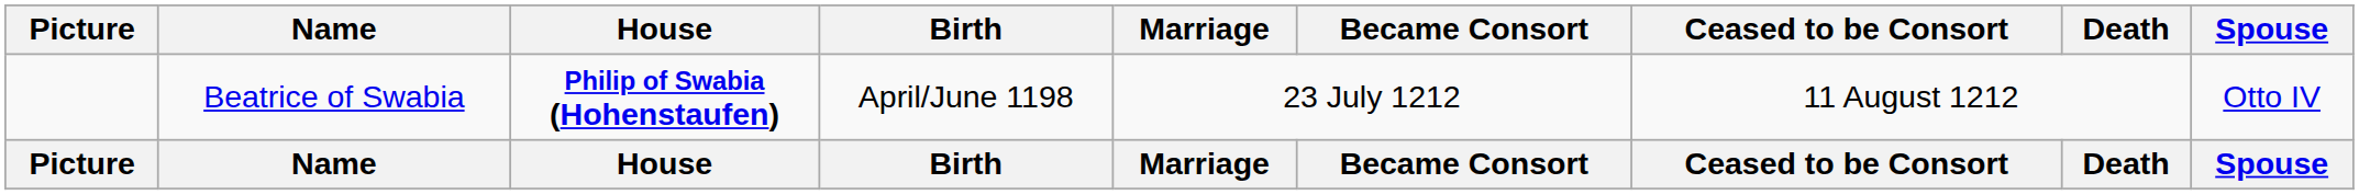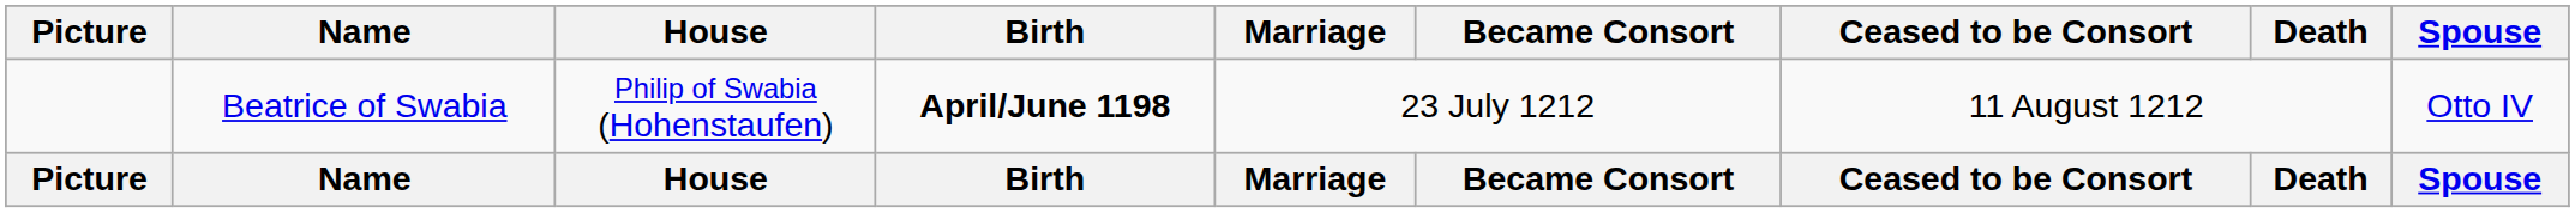 <table width=95% class="wikitable">
 <tr>
 <th>Picture</th>
 <th>Name</th>
 <th>House</th>
 <th>Birth</th>
 <th>Marriage</th>
 <th>Became Consort</th>
 <th>Ceased to be Consort</th>
 <th>Death</th>
 <th><a href='#'>Spouse</a></th>
 </tr>
 <tr>
 <td align=center></td>
 <td align=center><a href='#'>Beatrice of Swabia</a></td>
-<td align="center"><strong><small><a href='#'>Philip of Swabia</a></small><br>(<a href='#'>Hohenstaufen</a>)</strong></td>
-<td align="center">April/June 1198</td>
+<td align="center"><small><a href='#'>Philip of Swabia</a></small><br>(<a href='#'>Hohenstaufen</a>)</td>
+<td align="center"><strong>April/June 1198</strong></td>
 <td align="center" colspan="2">23 July 1212</td>
 <td align="center" colspan="2">11 August 1212</td>
 <td align="center" rowspan="1"><a href='#'>Otto IV</a></td>
 </tr>
 <tr>
 <th>Picture</th>
 <th>Name</th>
 <th>House</th>
 <th>Birth</th>
 <th>Marriage</th>
 <th>Became Consort</th>
 <th>Ceased to be Consort</th>
 <th>Death</th>
 <th><a href='#'>Spouse</a></th>
 </tr>
 </table>
